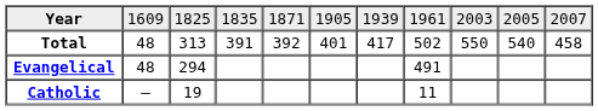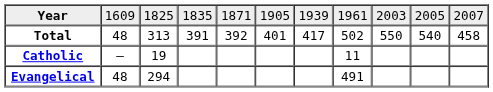 <table border="1" cellpadding="2" cellspacing="0" width="500">
 <tr bgcolor="#eeeeee" align="center">
 <td><strong>Year</strong></td>
 <td>1609</td>
 <td>1825</td>
 <td>1835</td>
 <td>1871</td>
 <td>1905</td>
 <td>1939</td>
 <td>1961</td>
 <td>2003</td>
 <td>2005</td>
 <td>2007</td>
 </tr>
 <tr align="center">
 <td><strong>Total</strong></td>
 <td>48</td>
 <td>313</td>
 <td>391</td>
 <td>392</td>
 <td>401</td>
 <td>417</td>
 <td>502</td>
 <td>550</td>
 <td>540</td>
 <td>458</td>
 </tr>
 <tr align="center">
+<td><strong><a href='#'>Catholic</a></strong></td>
+<td>–</td>
+<td>19</td>
+<td> </td>
+<td> </td>
+<td> </td>
+<td> </td>
+<td>11</td>
+<td> </td>
+<td> </td>
+<td> </td>
+</tr>
+<tr align="center">
 <td><strong><a href='#'>Evangelical</a></strong></td>
 <td>48</td>
 <td>294</td>
 <td> </td>
 <td> </td>
 <td> </td>
 <td> </td>
 <td>491</td>
 <td> </td>
 <td> </td>
 <td> </td>
 </tr>
-<tr align="center">
-<td><strong><a href='#'>Catholic</a></strong></td>
-<td>–</td>
-<td>19</td>
-<td> </td>
-<td> </td>
-<td> </td>
-<td> </td>
-<td>11</td>
-<td> </td>
-<td> </td>
-<td> </td>
-</tr>
 </table>
